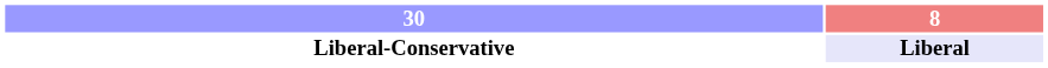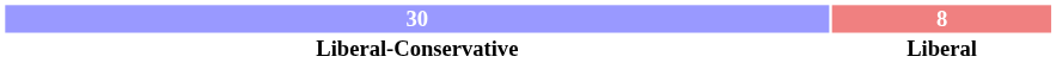 <table style="width:60%; text-align:center;">
 <tr style="color:white;">
 <td style="background:#9999FF; width:78.95%;"><strong>30</strong></td>
 <td style="background:#F08080; width:21.05%;"><strong>8</strong></td>
 </tr>
 <tr>
 <td><span><strong>Liberal-Conservative</strong></span></td>
-<td style="background: lavender;"><span><strong>Liberal</strong></span></td>
+<td><span><strong>Liberal</strong></span></td>
 </tr>
 </table>
